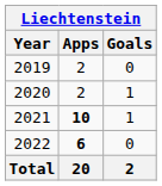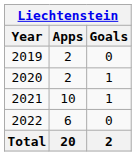 <table class="wikitable" style="text-align:center">
 <tr>
 <th colspan=3><a href='#'>Liechtenstein</a></th>
 </tr>
 <tr>
 <th>Year</th>
 <th>Apps</th>
 <th>Goals</th>
 </tr>
 <tr>
 <td>2019</td>
 <td>2</td>
 <td>0</td>
 </tr>
 <tr>
 <td>2020</td>
 <td>2</td>
 <td>1</td>
 </tr>
 <tr>
 <td>2021</td>
-<td><strong>10</strong></td>
+<td>10</td>
 <td>1</td>
 </tr>
 <tr>
 <td>2022</td>
-<td><strong>6</strong></td>
+<td>6</td>
 <td>0</td>
 </tr>
 <tr>
 <th>Total</th>
 <th>20</th>
 <th>2</th>
 </tr>
 </table>
